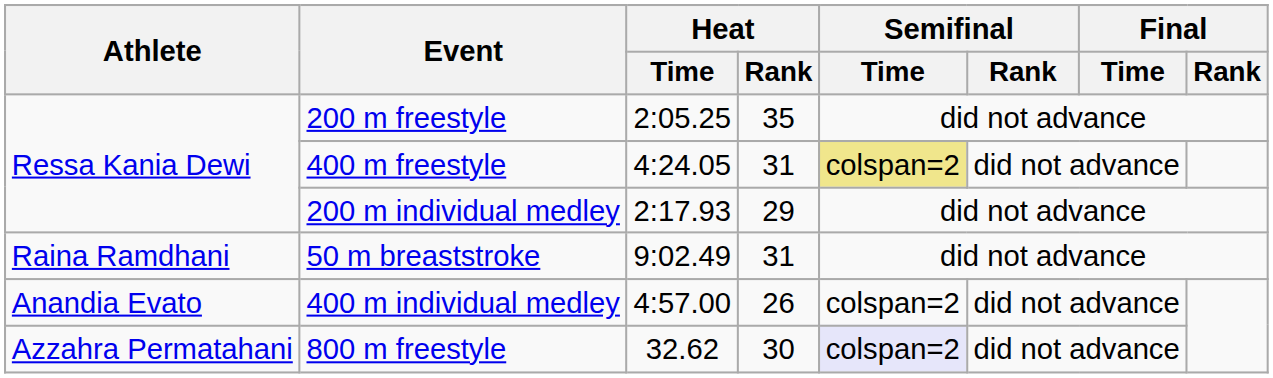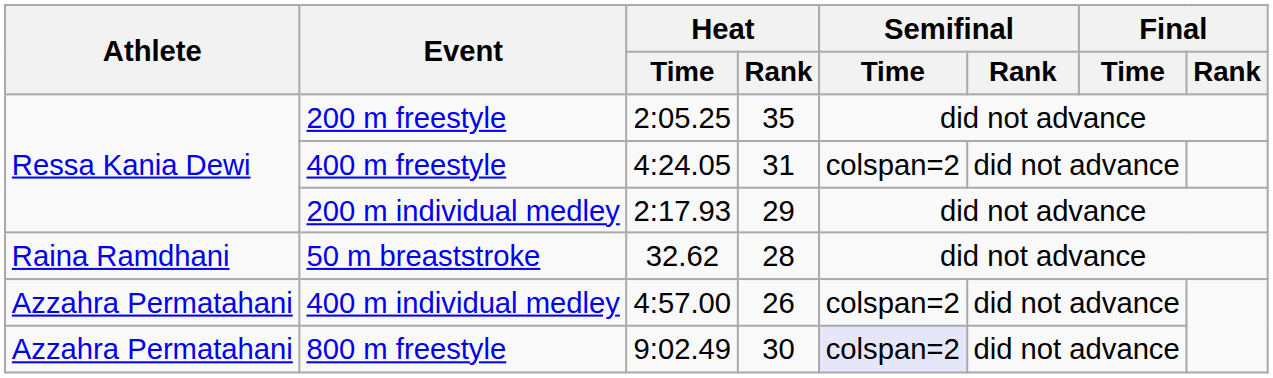 <table class=wikitable style="font-size:90%">
 <tr>
 <th rowspan="2">Athlete</th>
 <th rowspan="2">Event</th>
 <th colspan="2">Heat</th>
 <th colspan="2">Semifinal</th>
 <th colspan="2">Final</th>
 </tr>
 <tr style="font-size:95%">
 <th>Time</th>
 <th>Rank</th>
 <th>Time</th>
 <th>Rank</th>
 <th>Time</th>
 <th>Rank</th>
 </tr>
 <tr align=center>
 <td align=left rowspan=3><a href='#'>Ressa Kania Dewi</a></td>
 <td align=left><a href='#'>200 m freestyle</a></td>
 <td>2:05.25</td>
 <td>35</td>
 <td colspan=4>did not advance</td>
 </tr>
 <tr align=center>
 <td align=left><a href='#'>400 m freestyle</a></td>
 <td>4:24.05</td>
 <td>31</td>
-<td style="background: khaki;">colspan=2 </td>
+<td>colspan=2 </td>
 <td colspan=2>did not advance</td>
 </tr>
 <tr align=center>
 <td align=left><a href='#'>200 m individual medley</a></td>
 <td>2:17.93</td>
 <td>29</td>
 <td colspan=4>did not advance</td>
 </tr>
 <tr align=center>
 <td align=left><a href='#'>Raina Ramdhani</a></td>
 <td align=left><a href='#'>50 m breaststroke</a></td>
-<td>9:02.49</td>
-<td>31</td>
+<td>32.62</td>
+<td>28</td>
 <td colspan=4>did not advance</td>
 </tr>
 <tr align=center>
-<td align=left><a href='#'>Anandia Evato</a></td>
+<td align=left><a href='#'>Azzahra Permatahani</a></td>
 <td align=left><a href='#'>400 m individual medley</a></td>
 <td>4:57.00</td>
 <td>26</td>
 <td>colspan=2 </td>
 <td colspan=2>did not advance</td>
 </tr>
 <tr align=center>
 <td align=left><a href='#'>Azzahra Permatahani</a></td>
 <td align=left><a href='#'>800 m freestyle</a></td>
-<td>32.62</td>
+<td>9:02.49</td>
 <td>30</td>
 <td style="background: lavender;">colspan=2 </td>
 <td colspan=2>did not advance</td>
 </tr>
 </table>
